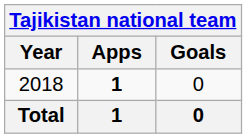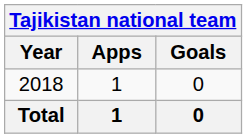 <table class="wikitable" style="text-align:center">
 <tr>
 <th colspan=3><a href='#'>Tajikistan national team</a></th>
 </tr>
 <tr>
 <th>Year</th>
 <th>Apps</th>
 <th>Goals</th>
 </tr>
 <tr>
 <td>2018</td>
-<td><strong>1</strong></td>
+<td>1</td>
 <td>0</td>
 </tr>
 <tr>
 <th>Total</th>
 <th>1</th>
 <th>0</th>
 </tr>
 </table>
